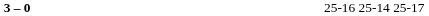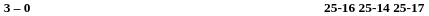 <table width=100% cellspacing=1>
 <tr>
 <th width=20%></th>
 <th width=12%></th>
 <th width=20%></th>
 <th width=33%></th>
 <td></td>
 </tr>
 <tr style=font-size:90%>
 <td align=right><strong></strong></td>
 <td align=center><strong>3 – 0</strong></td>
 <td></td>
-<td>25-16 25-14 25-17</td>
+<td><strong>25-16 25-14 25-17</strong></td>
 </tr>
 </table>
